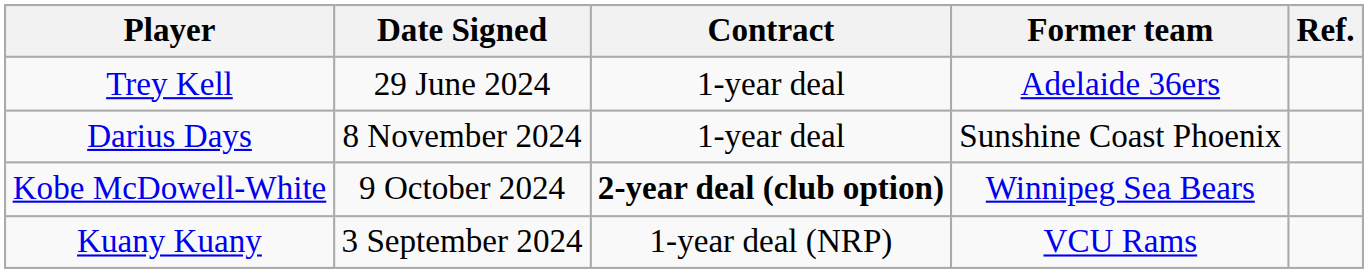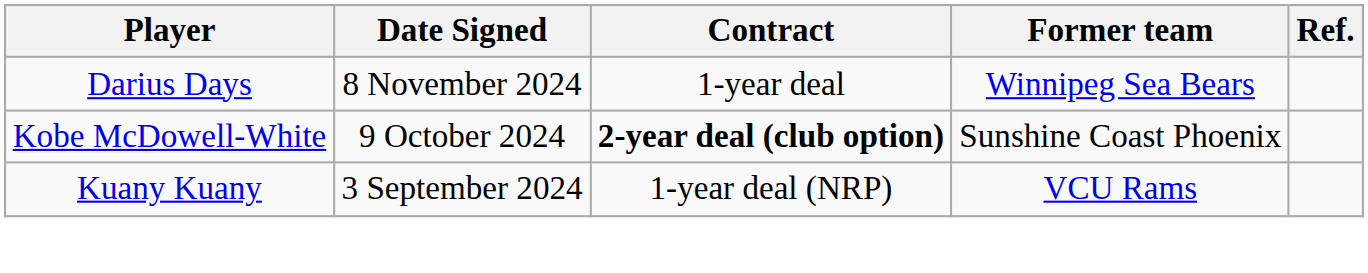 <table class="wikitable sortable sortable" style="text-align: center">
 <tr>
 <th>Player</th>
 <th>Date Signed</th>
 <th>Contract</th>
 <th>Former team</th>
 <th>Ref.</th>
 </tr>
 <tr>
-<td><a href='#'>Trey Kell</a></td>
-<td>29 June 2024</td>
-<td>1-year deal</td>
-<td><a href='#'>Adelaide 36ers</a></td>
-<td></td>
-</tr>
-<tr>
 <td><a href='#'>Darius Days</a></td>
 <td>8 November 2024</td>
 <td>1-year deal</td>
-<td>Sunshine Coast Phoenix</td>
+<td><a href='#'>Winnipeg Sea Bears</a></td>
 <td></td>
 </tr>
 <tr>
 <td><a href='#'>Kobe McDowell-White</a></td>
 <td>9 October 2024</td>
 <td><strong>2-year deal (club option)</strong></td>
-<td><a href='#'>Winnipeg Sea Bears</a></td>
+<td>Sunshine Coast Phoenix</td>
 <td></td>
 </tr>
 <tr>
 <td><a href='#'>Kuany Kuany</a></td>
 <td>3 September 2024</td>
 <td>1-year deal (NRP)</td>
 <td><a href='#'>VCU Rams</a></td>
 <td></td>
 </tr>
 </table>
